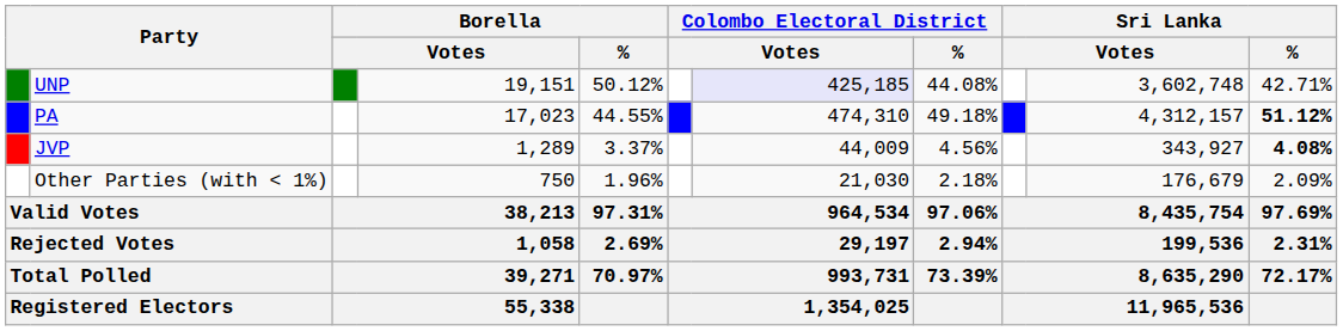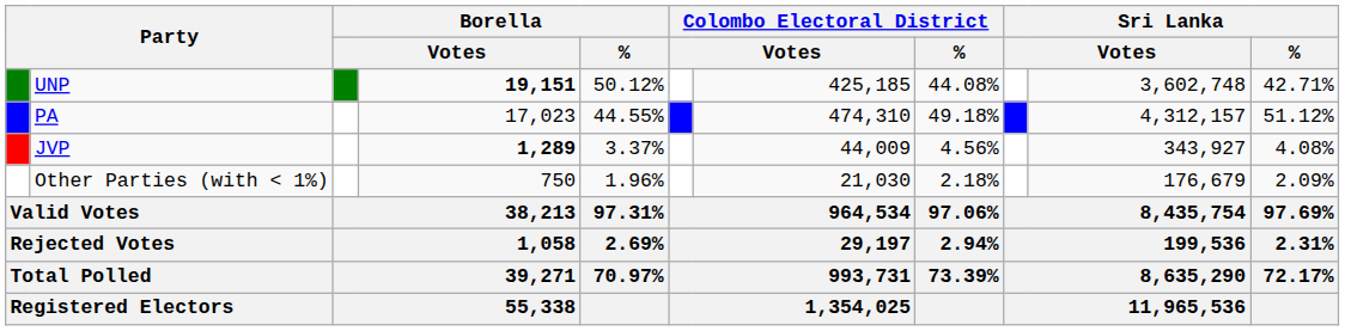 <table class="wikitable">
 <tr>
 <th colspan="2" width="144px"rowspan="2">Party</th>
 <th colspan="3" width="216px">Borella</th>
 <th colspan="3" width="216px"><a href='#'>Colombo Electoral District</a></th>
 <th colspan="3" width="216px">Sri Lanka</th>
 </tr>
 <tr>
 <th colspan="2" width="144px">Votes</th>
 <th>%</th>
 <th colspan="2" width="144px">Votes</th>
 <th>%</th>
 <th colspan="2" width="144px">Votes</th>
 <th>%</th>
 </tr>
 <tr>
 <td style="background-color:green;" width="10px"></td>
 <td style="text-align:left;"><a href='#'>UNP</a></td>
 <td style="background-color:green;" width="10px"></td>
-<td style="text-align:right;">19,151</td>
+<td style="text-align:right;"><strong>19,151</strong></td>
 <td style="text-align:right;">50.12%</td>
 <td style="background-color:white;" width="10px"></td>
-<td style="background: lavender; text-align:right;">425,185</td>
+<td style="text-align:right;">425,185</td>
 <td style="text-align:right;">44.08%</td>
 <td style="background-color:white;" width="10px"></td>
 <td style="text-align:right;">3,602,748</td>
 <td style="text-align:right;">42.71%</td>
 </tr>
 <tr>
 <td style="background-color:blue;" width="10px"></td>
 <td style="text-align:left;"><a href='#'>PA</a></td>
 <td style="background-color:white;" width="10px"></td>
 <td style="text-align:right;">17,023</td>
 <td style="text-align:right;">44.55%</td>
 <td style="background-color:blue;" width="10px"></td>
 <td style="text-align:right;">474,310</td>
 <td style="text-align:right;">49.18%</td>
 <td style="background-color:blue;" width="10px"></td>
 <td style="text-align:right;">4,312,157</td>
-<td style="text-align:right;"><strong>51.12%</strong></td>
+<td style="text-align:right;">51.12%</td>
 </tr>
 <tr>
 <td style="background-color:red;" width="10px"></td>
 <td style="text-align:left;"><a href='#'>JVP</a></td>
 <td style="background-color:white;" width="10px"></td>
-<td style="text-align:right;">1,289</td>
+<td style="text-align:right;"><strong>1,289</strong></td>
 <td style="text-align:right;">3.37%</td>
 <td style="background-color:white;" width="10px"></td>
 <td style="text-align:right;">44,009</td>
 <td style="text-align:right;">4.56%</td>
 <td style="background-color:white;" width="10px"></td>
 <td style="text-align:right;">343,927</td>
-<td style="text-align:right;"><strong>4.08%</strong></td>
+<td style="text-align:right;">4.08%</td>
 </tr>
 <tr>
 <td style="background-color:white;" width="10px"></td>
 <td style="text-align:left;">Other Parties (with < 1%)</td>
 <td style="background-color:white;" width="10px"></td>
 <td style="text-align:right;">750</td>
 <td style="text-align:right;">1.96%</td>
 <td style="background-color:white;" width="10px"></td>
 <td style="text-align:right;">21,030</td>
 <td style="text-align:right;">2.18%</td>
 <td style="background-color:white;" width="10px"></td>
 <td style="text-align:right;">176,679</td>
 <td style="text-align:right;">2.09%</td>
 </tr>
 <tr>
 <th colspan="2" width="144px"style="text-align:left;">Valid Votes</th>
 <th style="text-align:right;"colspan="2" width="144px">38,213</th>
 <th style="text-align:right;">97.31%</th>
 <th style="text-align:right;"colspan="2" width="144px">964,534</th>
 <th style="text-align:right;">97.06%</th>
 <th style="text-align:right;"colspan="2" width="144px">8,435,754</th>
 <th style="text-align:right;">97.69%</th>
 </tr>
 <tr>
 <th colspan="2" width="144px"style="text-align:left;">Rejected Votes</th>
 <th style="text-align:right;"colspan="2" width="144px">1,058</th>
 <th style="text-align:right;">2.69%</th>
 <th style="text-align:right;"colspan="2" width="144px">29,197</th>
 <th style="text-align:right;">2.94%</th>
 <th style="text-align:right;"colspan="2" width="144px">199,536</th>
 <th style="text-align:right;">2.31%</th>
 </tr>
 <tr>
 <th colspan="2" width="144px"style="text-align:left;">Total Polled</th>
 <th style="text-align:right;"colspan="2" width="144px">39,271</th>
 <th style="text-align:right;">70.97%</th>
 <th style="text-align:right;"colspan="2" width="144px">993,731</th>
 <th style="text-align:right;">73.39%</th>
 <th style="text-align:right;"colspan="2" width="144px">8,635,290</th>
 <th style="text-align:right;">72.17%</th>
 </tr>
 <tr>
 <th colspan="2" width="144px"style="text-align:left;">Registered Electors</th>
 <th style="text-align:right;"colspan="2" width="144px">55,338</th>
 <th></th>
 <th style="text-align:right;"colspan="2" width="144px">1,354,025</th>
 <th></th>
 <th style="text-align:right;"colspan="2" width="144px">11,965,536</th>
 <th></th>
 </tr>
 </table>
